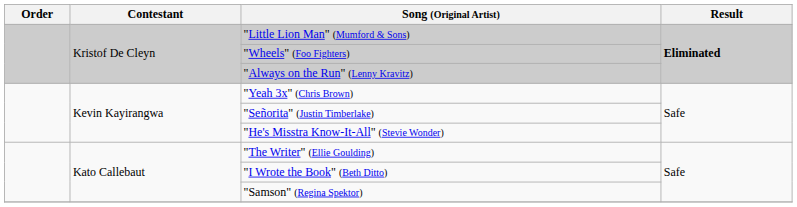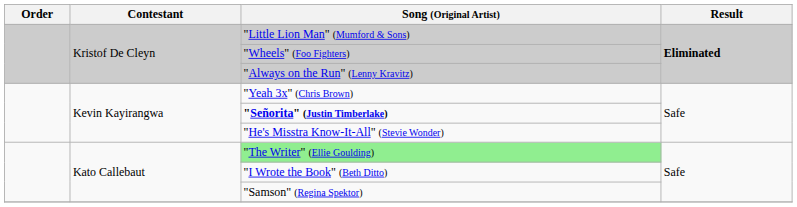 <table class="wikitable" style="font-size:90%; width:60%; text-align: left;">
 <tr>
 <th width="05%">Order</th>
 <th width="13%">Contestant</th>
 <th width="32%">Song <small>(Original Artist)</small></th>
 <th width="10%">Result</th>
 </tr>
 <tr>
 <td bgcolor="CCCCCC" rowspan="3"></td>
 <td bgcolor="CCCCCC" rowspan="3">Kristof De Cleyn</td>
 <td bgcolor="CCCCCC">"<a href='#'>Little Lion Man</a>" <small>(<a href='#'>Mumford & Sons</a>)</small></td>
 <td bgcolor="CCCCCC" rowspan="3"><strong>Eliminated</strong></td>
 </tr>
 <tr>
 <td bgcolor="CCCCCC">"<a href='#'>Wheels</a>" <small>(<a href='#'>Foo Fighters</a>)</small></td>
 </tr>
 <tr>
 <td bgcolor="CCCCCC">"<a href='#'>Always on the Run</a>" <small>(<a href='#'>Lenny Kravitz</a>)</small></td>
 </tr>
 <tr>
 <td rowspan="3"></td>
 <td rowspan="3">Kevin Kayirangwa</td>
 <td>"<a href='#'>Yeah 3x</a>" <small>(<a href='#'>Chris Brown</a>)</small></td>
 <td rowspan="3">Safe</td>
 </tr>
 <tr>
-<td>"<a href='#'>Señorita</a>" <small>(<a href='#'>Justin Timberlake</a>)</small></td>
+<td><strong>"<a href='#'>Señorita</a>" <small>(<a href='#'>Justin Timberlake</a>)</small></strong></td>
 </tr>
 <tr>
 <td>"<a href='#'>He's Misstra Know-It-All</a>" <small>(<a href='#'>Stevie Wonder</a>)</small></td>
 </tr>
 <tr>
 <td rowspan="3"></td>
 <td rowspan="3">Kato Callebaut</td>
-<td>"<a href='#'>The Writer</a>" <small>(<a href='#'>Ellie Goulding</a>)</small></td>
+<td style="background: lightgreen;">"<a href='#'>The Writer</a>" <small>(<a href='#'>Ellie Goulding</a>)</small></td>
 <td rowspan="3">Safe</td>
 </tr>
 <tr>
 <td>"<a href='#'>I Wrote the Book</a>" <small>(<a href='#'>Beth Ditto</a>)</small></td>
 </tr>
 <tr>
 <td>"Samson" <small>(<a href='#'>Regina Spektor</a>)</small></td>
 </tr>
 <tr>
 </tr>
 </table>
